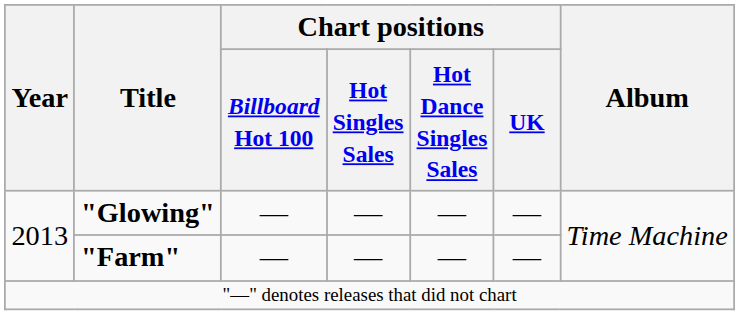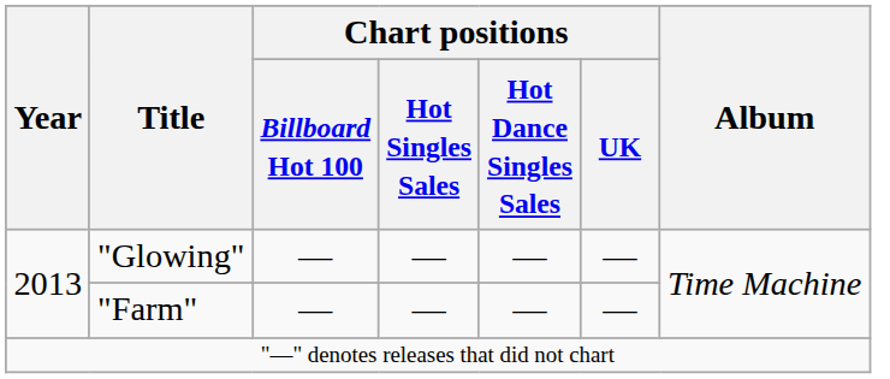 <table class="wikitable">
 <tr>
 <th rowspan="2">Year</th>
 <th rowspan="2">Title</th>
 <th colspan="4">Chart positions</th>
 <th rowspan="2">Album</th>
 </tr>
 <tr>
 <th width="30"><small><a href='#'><em>Billboard</em> Hot 100</a></small></th>
 <th width="30"><small><a href='#'>Hot Singles Sales</a></small></th>
 <th width="30"><small><a href='#'>Hot Dance Singles Sales</a></small></th>
 <th width="30"><small><a href='#'>UK</a></small></th>
 </tr>
 <tr>
 <td rowspan="2">2013</td>
-<td><strong>"Glowing"</strong></td>
+<td>"Glowing"</td>
 <td style="text-align:center;">—</td>
 <td style="text-align:center;">—</td>
 <td style="text-align:center;">—</td>
 <td style="text-align:center;">—</td>
 <td rowspan="2" style="text-align:left;"><em>Time Machine</em></td>
 </tr>
 <tr>
-<td><strong>"Farm"</strong></td>
+<td>"Farm"</td>
 <td style="text-align:center;">—</td>
 <td style="text-align:center;">—</td>
 <td style="text-align:center;">—</td>
 <td style="text-align:center;">—</td>
 </tr>
 <tr>
 <td colspan="7" style="text-align:center; font-size:8pt;">"—" denotes releases that did not chart</td>
 </tr>
 </table>
